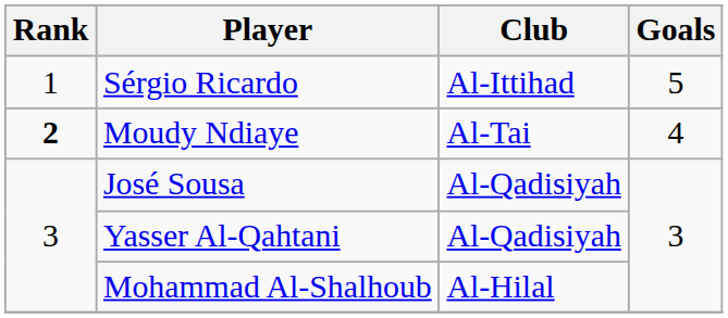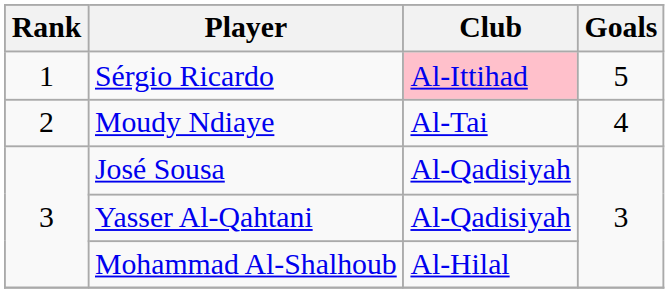 <table class="wikitable sortable" style="text-align:center">
 <tr>
 <th>Rank</th>
 <th>Player</th>
 <th>Club</th>
 <th>Goals</th>
 </tr>
 <tr>
 <td>1</td>
 <td align="left"> <a href='#'>Sérgio Ricardo</a></td>
-<td align="left"><a href='#'>Al-Ittihad</a></td>
+<td align="left" style="background: pink;"><a href='#'>Al-Ittihad</a></td>
 <td>5</td>
 </tr>
 <tr>
-<td><strong>2</strong></td>
+<td>2</td>
 <td align="left"> <a href='#'>Moudy Ndiaye</a></td>
 <td align="left"><a href='#'>Al-Tai</a></td>
 <td>4</td>
 </tr>
 <tr>
 <td rowspan=3>3</td>
 <td align="left"> <a href='#'>José Sousa</a></td>
 <td align="left"><a href='#'>Al-Qadisiyah</a></td>
 <td rowspan=3>3</td>
 </tr>
 <tr>
 <td align="left"> <a href='#'>Yasser Al-Qahtani</a></td>
 <td align="left"><a href='#'>Al-Qadisiyah</a></td>
 </tr>
 <tr>
 <td align="left"> <a href='#'>Mohammad Al-Shalhoub</a></td>
 <td align="left"><a href='#'>Al-Hilal</a></td>
 </tr>
 <tr>
 </tr>
 </table>
